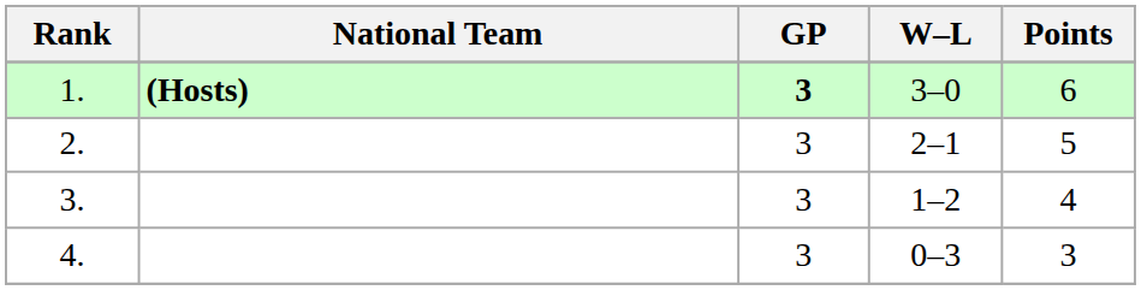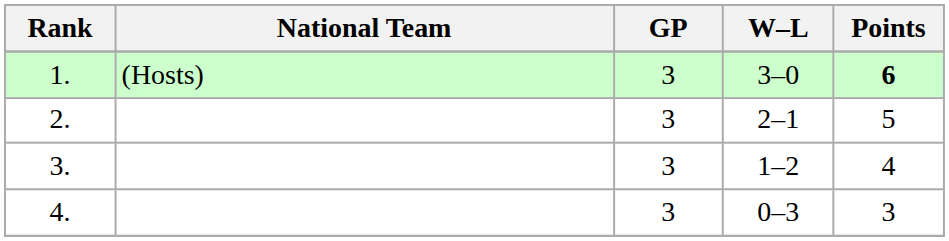 <table class=wikitable style="border:1px solid #AAAAAA;font-size:90%">
 <tr bgcolor="#EFEFEF">
 <th width=50>Rank</th>
 <th width=250>National Team</th>
 <th width=50>GP</th>
 <th width=50>W–L</th>
 <th width=50>Points</th>
 </tr>
 <tr align="center" valign="top" bgcolor="#FFFFFF">
 </tr>
 <tr bgcolor="#CCFFCC">
 <td align="center">1.</td>
-<td align="left"><strong> (Hosts)</strong></td>
-<td align="center"><strong>3</strong></td>
+<td align="left"> (Hosts)</td>
+<td align="center">3</td>
 <td align="center">3–0</td>
-<td align="center">6</td>
+<td align="center"><strong>6</strong></td>
 </tr>
 <tr align="center" valign="top" bgcolor="#FFFFFF">
 <td>2.</td>
 <td align="left"></td>
 <td align="center">3</td>
 <td align="center">2–1</td>
 <td align="center">5</td>
 </tr>
 <tr align="center" valign="top" bgcolor="#FFFFFF">
 <td>3.</td>
 <td align="left"></td>
 <td align="center">3</td>
 <td align="center">1–2</td>
 <td align="center">4</td>
 </tr>
 <tr align="center" valign="top" bgcolor="#FFFFFF">
 <td>4.</td>
 <td align="left"></td>
 <td align="center">3</td>
 <td align="center">0–3</td>
 <td align="center">3</td>
 </tr>
 <tr align="center" valign="top" bgcolor="#FFFFFF">
 </tr>
 </table>
